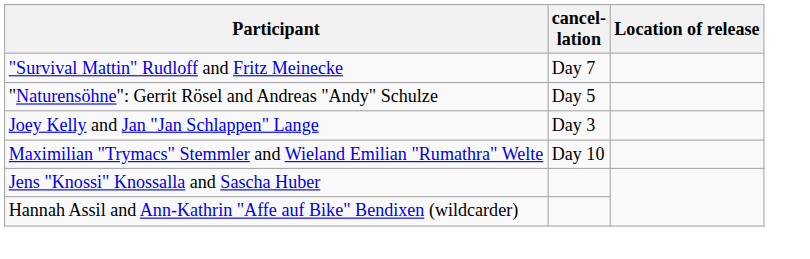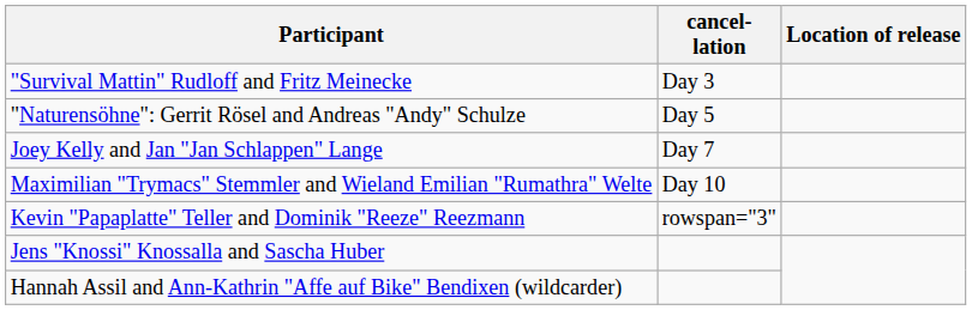 <table class="wikitable" style="text-align:left">
 <tr>
 <th>Participant</th>
 <th>cancel-<br>lation</th>
 <th>Location of release</th>
 </tr>
 <tr>
 <td><a href='#'>"Survival Mattin" Rudloff</a> and <a href='#'>Fritz Meinecke</a></td>
-<td>Day 7</td>
+<td>Day 3</td>
 <td><small></small></td>
 </tr>
 <tr>
 <td>"<a href='#'>Naturensöhne</a>": Gerrit Rösel and Andreas "Andy" Schulze</td>
 <td>Day 5</td>
 <td><small></small></td>
 </tr>
 <tr>
 <td><a href='#'>Joey Kelly</a> and <a href='#'>Jan "Jan Schlappen" Lange</a></td>
-<td>Day 3</td>
+<td>Day 7</td>
 <td><small></small></td>
 </tr>
 <tr>
 <td><a href='#'>Maximilian "Trymacs" Stemmler</a> and <a href='#'>Wieland Emilian "Rumathra" Welte</a></td>
 <td>Day 10</td>
+<td><small></small></td>
+</tr>
+<tr>
+<td><a href='#'>Kevin "Papaplatte" Teller</a> and <a href='#'>Dominik "Reeze" Reezmann</a></td>
+<td>rowspan="3" </td>
 <td><small></small></td>
 </tr>
 <tr>
 <td><a href='#'>Jens "Knossi" Knossalla</a> and <a href='#'>Sascha Huber</a></td>
 <td><small></small></td>
 </tr>
 <tr>
 <td>Hannah Assil and <a href='#'>Ann-Kathrin "Affe auf Bike" Bendixen</a> (wildcarder)</td>
 <td><small></small></td>
 </tr>
 </table>
